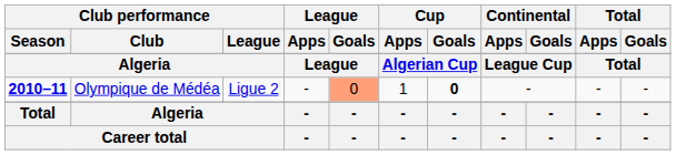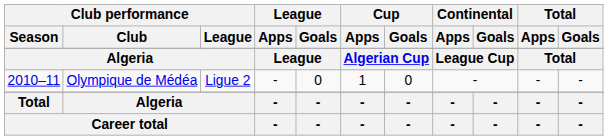 <table class="wikitable" style="text-align:center">
 <tr>
 <th colspan=3>Club performance</th>
 <th colspan=2>League</th>
 <th colspan=2>Cup</th>
 <th colspan=2>Continental</th>
 <th colspan=2>Total</th>
 </tr>
 <tr>
 <th>Season</th>
 <th>Club</th>
 <th>League</th>
 <th>Apps</th>
 <th>Goals</th>
 <th>Apps</th>
 <th>Goals</th>
 <th>Apps</th>
 <th>Goals</th>
 <th>Apps</th>
 <th>Goals</th>
 </tr>
 <tr>
 </tr>
 <tr>
 <th colspan=3>Algeria</th>
 <th colspan=2>League</th>
 <th colspan=2><a href='#'>Algerian Cup</a></th>
 <th colspan=2>League Cup</th>
 <th colspan=2>Total</th>
 </tr>
 <tr>
-<td><strong><a href='#'>2010–11</a></strong></td>
+<td><a href='#'>2010–11</a></td>
 <td rowspan="1"><a href='#'>Olympique de Médéa</a></td>
 <td rowspan="1"><a href='#'>Ligue 2</a></td>
 <td>-</td>
-<td style="background: lightsalmon;">0</td>
+<td>0</td>
 <td>1</td>
-<td><strong>0</strong></td>
+<td>0</td>
 <td colspan="2">-</td>
 <td>-</td>
 <td>-</td>
 </tr>
 <tr>
 </tr>
 <tr>
 <th rowspan=1>Total</th>
 <th colspan=2>Algeria</th>
 <th>-</th>
 <th>-</th>
 <th>-</th>
 <th>-</th>
 <th>-</th>
 <th>-</th>
 <th>-</th>
 <th>-</th>
 </tr>
 <tr>
 <th colspan=3>Career total</th>
 <th>-</th>
 <th>-</th>
 <th>-</th>
 <th>-</th>
 <th>-</th>
 <th>-</th>
 <th>-</th>
 <th>-</th>
 </tr>
 </table>
